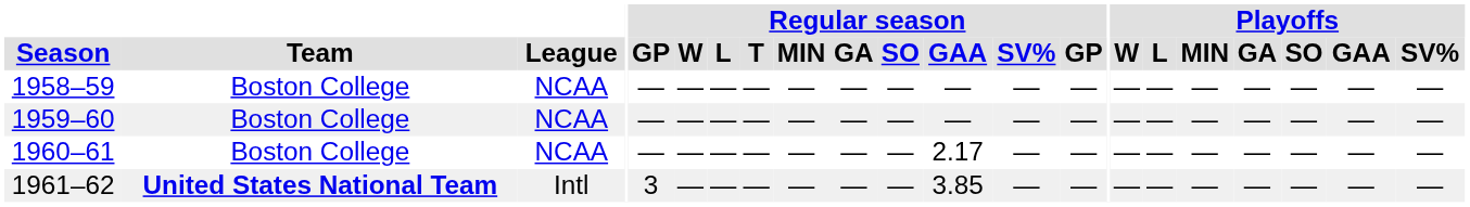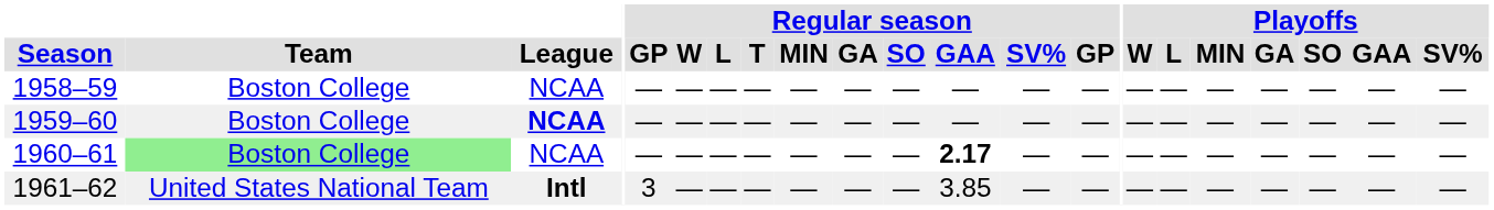 <table border="0" cellpadding="1" cellspacing="0" style="text-align:center; width:70%">
 <tr bgcolor="#e0e0e0">
 <th colspan="3" bgcolor="#ffffff"></th>
 <th rowspan="99" bgcolor="#ffffff"></th>
 <th colspan="10" bgcolor="#e0e0e0"><a href='#'>Regular season</a></th>
 <th rowspan="99" bgcolor="#ffffff"></th>
 <th colspan="8" bgcolor="#e0e0e0"><a href='#'>Playoffs</a></th>
 </tr>
 <tr bgcolor="#e0e0e0">
 <th><a href='#'>Season</a></th>
 <th>Team</th>
 <th>League</th>
 <th>GP</th>
 <th>W</th>
 <th>L</th>
 <th>T</th>
 <th>MIN</th>
 <th>GA</th>
 <th><a href='#'>SO</a></th>
 <th><a href='#'>GAA</a></th>
 <th><a href='#'>SV%</a></th>
 <th>GP</th>
 <th>W</th>
 <th>L</th>
 <th>MIN</th>
 <th>GA</th>
 <th>SO</th>
 <th>GAA</th>
 <th>SV%</th>
 </tr>
 <tr>
 <td><a href='#'>1958–59</a></td>
 <td><a href='#'>Boston College</a></td>
 <td><a href='#'>NCAA</a></td>
 <td>—</td>
 <td>—</td>
 <td>—</td>
 <td>—</td>
 <td>—</td>
 <td>—</td>
 <td>—</td>
 <td>—</td>
 <td>—</td>
 <td>—</td>
 <td>—</td>
 <td>—</td>
 <td>—</td>
 <td>—</td>
 <td>—</td>
 <td>—</td>
 <td>—</td>
 </tr>
 <tr bgcolor="#f0f0f0">
 <td><a href='#'>1959–60</a></td>
 <td><a href='#'>Boston College</a></td>
-<td><a href='#'>NCAA</a></td>
+<td><strong><a href='#'>NCAA</a></strong></td>
 <td>—</td>
 <td>—</td>
 <td>—</td>
 <td>—</td>
 <td>—</td>
 <td>—</td>
 <td>—</td>
 <td>—</td>
 <td>—</td>
 <td>—</td>
 <td>—</td>
 <td>—</td>
 <td>—</td>
 <td>—</td>
 <td>—</td>
 <td>—</td>
 <td>—</td>
 </tr>
 <tr>
 <td><a href='#'>1960–61</a></td>
-<td><a href='#'>Boston College</a></td>
+<td style="background: lightgreen;"><a href='#'>Boston College</a></td>
 <td><a href='#'>NCAA</a></td>
 <td>—</td>
 <td>—</td>
 <td>—</td>
 <td>—</td>
 <td>—</td>
 <td>—</td>
 <td>—</td>
-<td>2.17</td>
+<td><strong>2.17</strong></td>
 <td>—</td>
 <td>—</td>
 <td>—</td>
 <td>—</td>
 <td>—</td>
 <td>—</td>
 <td>—</td>
 <td>—</td>
 <td>—</td>
 </tr>
 <tr bgcolor="#f0f0f0">
 <td>1961–62</td>
-<td><strong><a href='#'>United States National Team</a></strong></td>
-<td>Intl</td>
+<td><a href='#'>United States National Team</a></td>
+<td><strong>Intl</strong></td>
 <td>3</td>
 <td>—</td>
 <td>—</td>
 <td>—</td>
 <td>—</td>
 <td>—</td>
 <td>—</td>
 <td>3.85</td>
 <td>—</td>
 <td>—</td>
 <td>—</td>
 <td>—</td>
 <td>—</td>
 <td>—</td>
 <td>—</td>
 <td>—</td>
 <td>—</td>
 </tr>
 </table>
